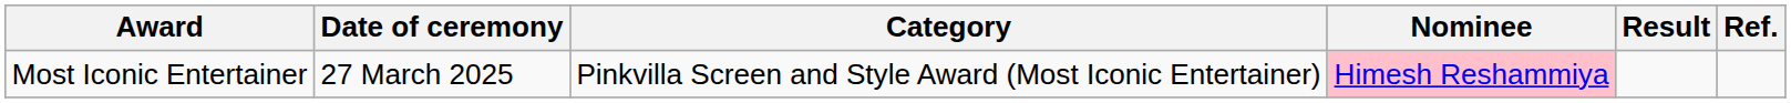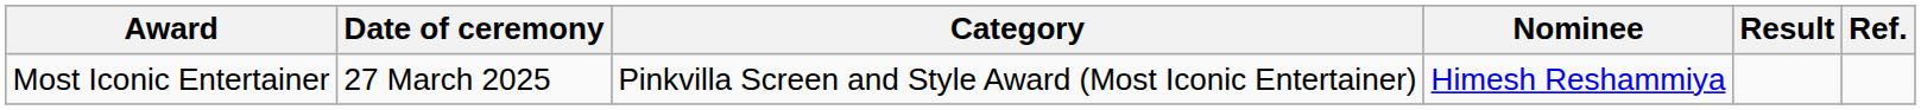 <table class="wikitable">
 <tr>
 <th>Award</th>
 <th>Date of ceremony</th>
 <th>Category</th>
 <th>Nominee</th>
 <th>Result</th>
 <th>Ref.</th>
 </tr>
 <tr>
 <td>Most Iconic Entertainer</td>
 <td>27 March 2025</td>
 <td>Pinkvilla Screen and Style Award (Most Iconic Entertainer)</td>
-<td style="background: pink;"><a href='#'>Himesh Reshammiya</a></td>
+<td><a href='#'>Himesh Reshammiya</a></td>
 <td></td>
 </tr>
 </table>
